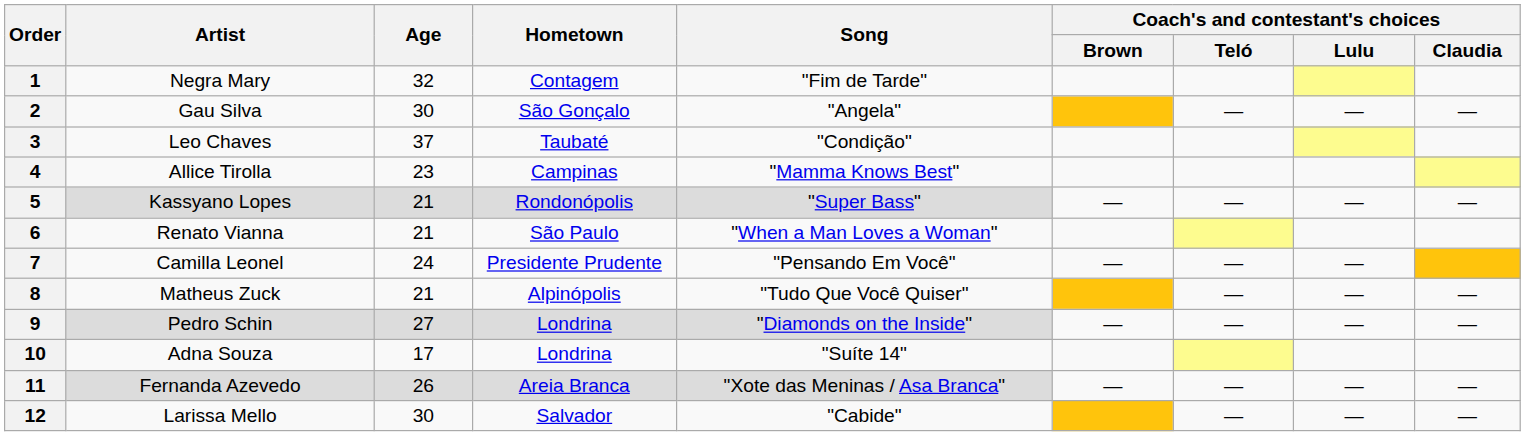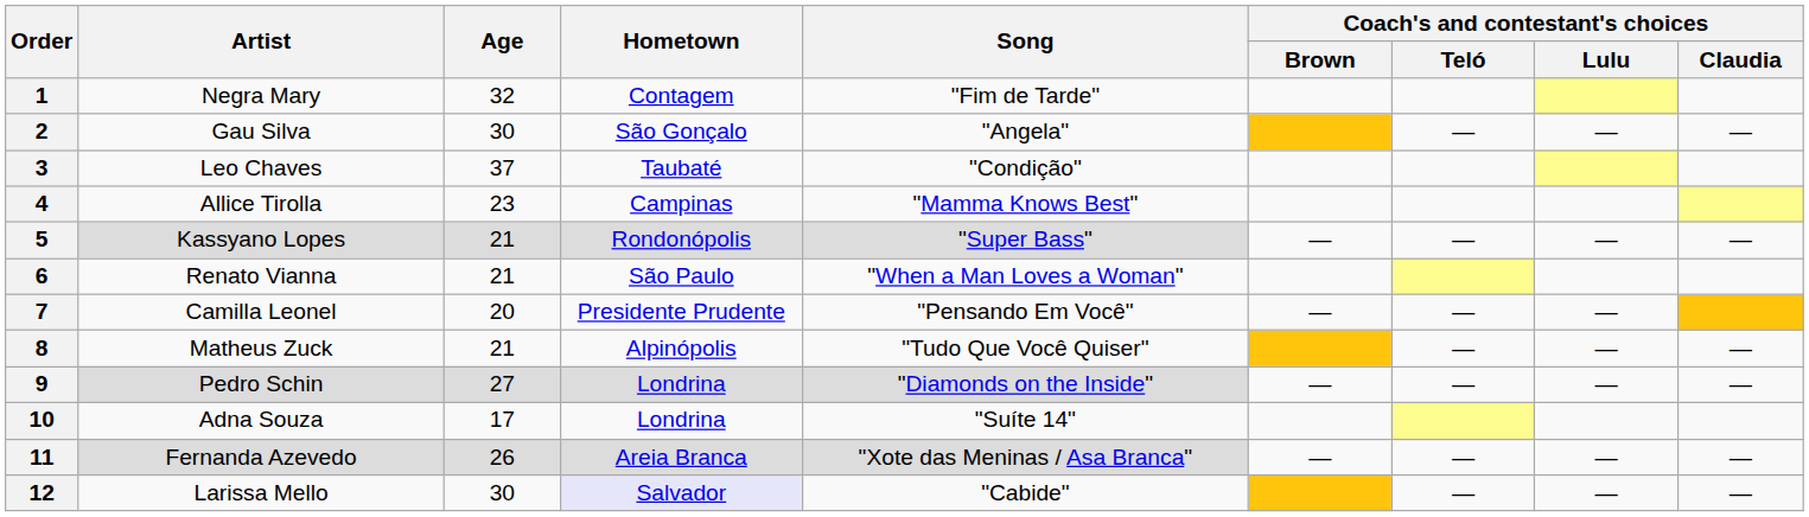 <table class="wikitable" style="text-align:center; width:100%;">
 <tr>
 <th rowspan=2 width="03.5%">Order</th>
 <th rowspan=2 width="20.5%">Artist</th>
 <th rowspan=2 width="06.5%">Age</th>
 <th rowspan=2 width="13.5%">Hometown</th>
 <th rowspan=2 width="25.0%">Song</th>
 <th colspan=4 width="32.0%">Coach's and contestant's choices</th>
 </tr>
 <tr>
 <th width="8.0%">Brown</th>
 <th width="8.0%">Teló</th>
 <th width="8.0%">Lulu</th>
 <th width="8.0%">Claudia</th>
 </tr>
 <tr>
 <th>1</th>
 <td>Negra Mary</td>
 <td>32</td>
 <td><a href='#'>Contagem</a></td>
 <td>"Fim de Tarde"</td>
 <td style=><strong></strong></td>
 <td style=><strong></strong></td>
 <td style="background-color:#fdfc8f"><strong></strong></td>
 <td style=><strong></strong></td>
 </tr>
 <tr>
 <th>2</th>
 <td>Gau Silva</td>
 <td>30</td>
 <td><a href='#'>São Gonçalo</a></td>
 <td>"Angela"</td>
 <td style="background-color:#FFC40C"><strong></strong></td>
 <td>—</td>
 <td>—</td>
 <td>—</td>
 </tr>
 <tr>
 <th>3</th>
 <td>Leo Chaves</td>
 <td>37</td>
 <td><a href='#'>Taubaté</a></td>
 <td>"Condição"</td>
 <td><strong></strong></td>
 <td><strong></strong></td>
 <td style="background-color:#fdfc8f"><strong></strong></td>
 <td><strong></strong></td>
 </tr>
 <tr>
 <th>4</th>
 <td>Allice Tirolla</td>
 <td>23</td>
 <td><a href='#'>Campinas</a></td>
 <td>"<a href='#'>Mamma Knows Best</a>"</td>
 <td><strong></strong></td>
 <td><strong></strong></td>
 <td><strong></strong></td>
 <td style="background-color:#fdfc8f"><strong></strong></td>
 </tr>
 <tr>
 <th>5</th>
 <td style="background-color:#dcdcdc">Kassyano Lopes</td>
 <td style="background-color:#dcdcdc">21</td>
 <td style="background-color:#dcdcdc"><a href='#'>Rondonópolis</a></td>
 <td style="background-color:#dcdcdc">"<a href='#'>Super Bass</a>"</td>
 <td>—</td>
 <td>—</td>
 <td>—</td>
 <td>—</td>
 </tr>
 <tr>
 <th>6</th>
 <td>Renato Vianna</td>
 <td>21</td>
 <td><a href='#'>São Paulo</a></td>
 <td>"<a href='#'>When a Man Loves a Woman</a>"</td>
 <td><strong></strong></td>
 <td style="background-color:#fdfc8f"><strong></strong></td>
 <td><strong></strong></td>
 <td><strong></strong></td>
 </tr>
 <tr>
 <th>7</th>
 <td>Camilla Leonel</td>
-<td>24</td>
+<td>20</td>
 <td><a href='#'>Presidente Prudente</a></td>
 <td>"Pensando Em Você"</td>
 <td>—</td>
 <td>—</td>
 <td>—</td>
 <td style="background-color:#FFC40C"><strong></strong></td>
 </tr>
 <tr>
 <th>8</th>
 <td>Matheus Zuck</td>
 <td>21</td>
 <td><a href='#'>Alpinópolis</a></td>
 <td>"Tudo Que Você Quiser"</td>
 <td style="background-color:#FFC40C"><strong></strong></td>
 <td>—</td>
 <td>—</td>
 <td>—</td>
 </tr>
 <tr>
 <th>9</th>
 <td style="background-color:#dcdcdc">Pedro Schin</td>
 <td style="background-color:#dcdcdc">27</td>
 <td style="background-color:#dcdcdc"><a href='#'>Londrina</a></td>
 <td style="background-color:#dcdcdc">"<a href='#'>Diamonds on the Inside</a>"</td>
 <td>—</td>
 <td>—</td>
 <td>—</td>
 <td>—</td>
 </tr>
 <tr>
 <th>10</th>
 <td>Adna Souza</td>
 <td>17</td>
 <td><a href='#'>Londrina</a></td>
 <td>"Suíte 14"</td>
 <td><strong></strong></td>
 <td style="background-color:#fdfc8f"><strong></strong></td>
 <td><strong></strong></td>
 <td><strong></strong></td>
 </tr>
 <tr>
 <th>11</th>
 <td style="background-color:#dcdcdc">Fernanda Azevedo</td>
 <td style="background-color:#dcdcdc">26</td>
 <td style="background-color:#dcdcdc"><a href='#'>Areia Branca</a></td>
 <td style="background-color:#dcdcdc">"Xote das Meninas / <a href='#'>Asa Branca</a>"</td>
 <td>—</td>
 <td>—</td>
 <td>—</td>
 <td>—</td>
 </tr>
 <tr>
 <th>12</th>
 <td>Larissa Mello</td>
 <td>30</td>
-<td><a href='#'>Salvador</a></td>
+<td style="background: lavender;"><a href='#'>Salvador</a></td>
 <td>"Cabide"</td>
 <td style="background-color:#FFC40C"><strong></strong></td>
 <td>—</td>
 <td>—</td>
 <td>—</td>
 </tr>
 </table>
